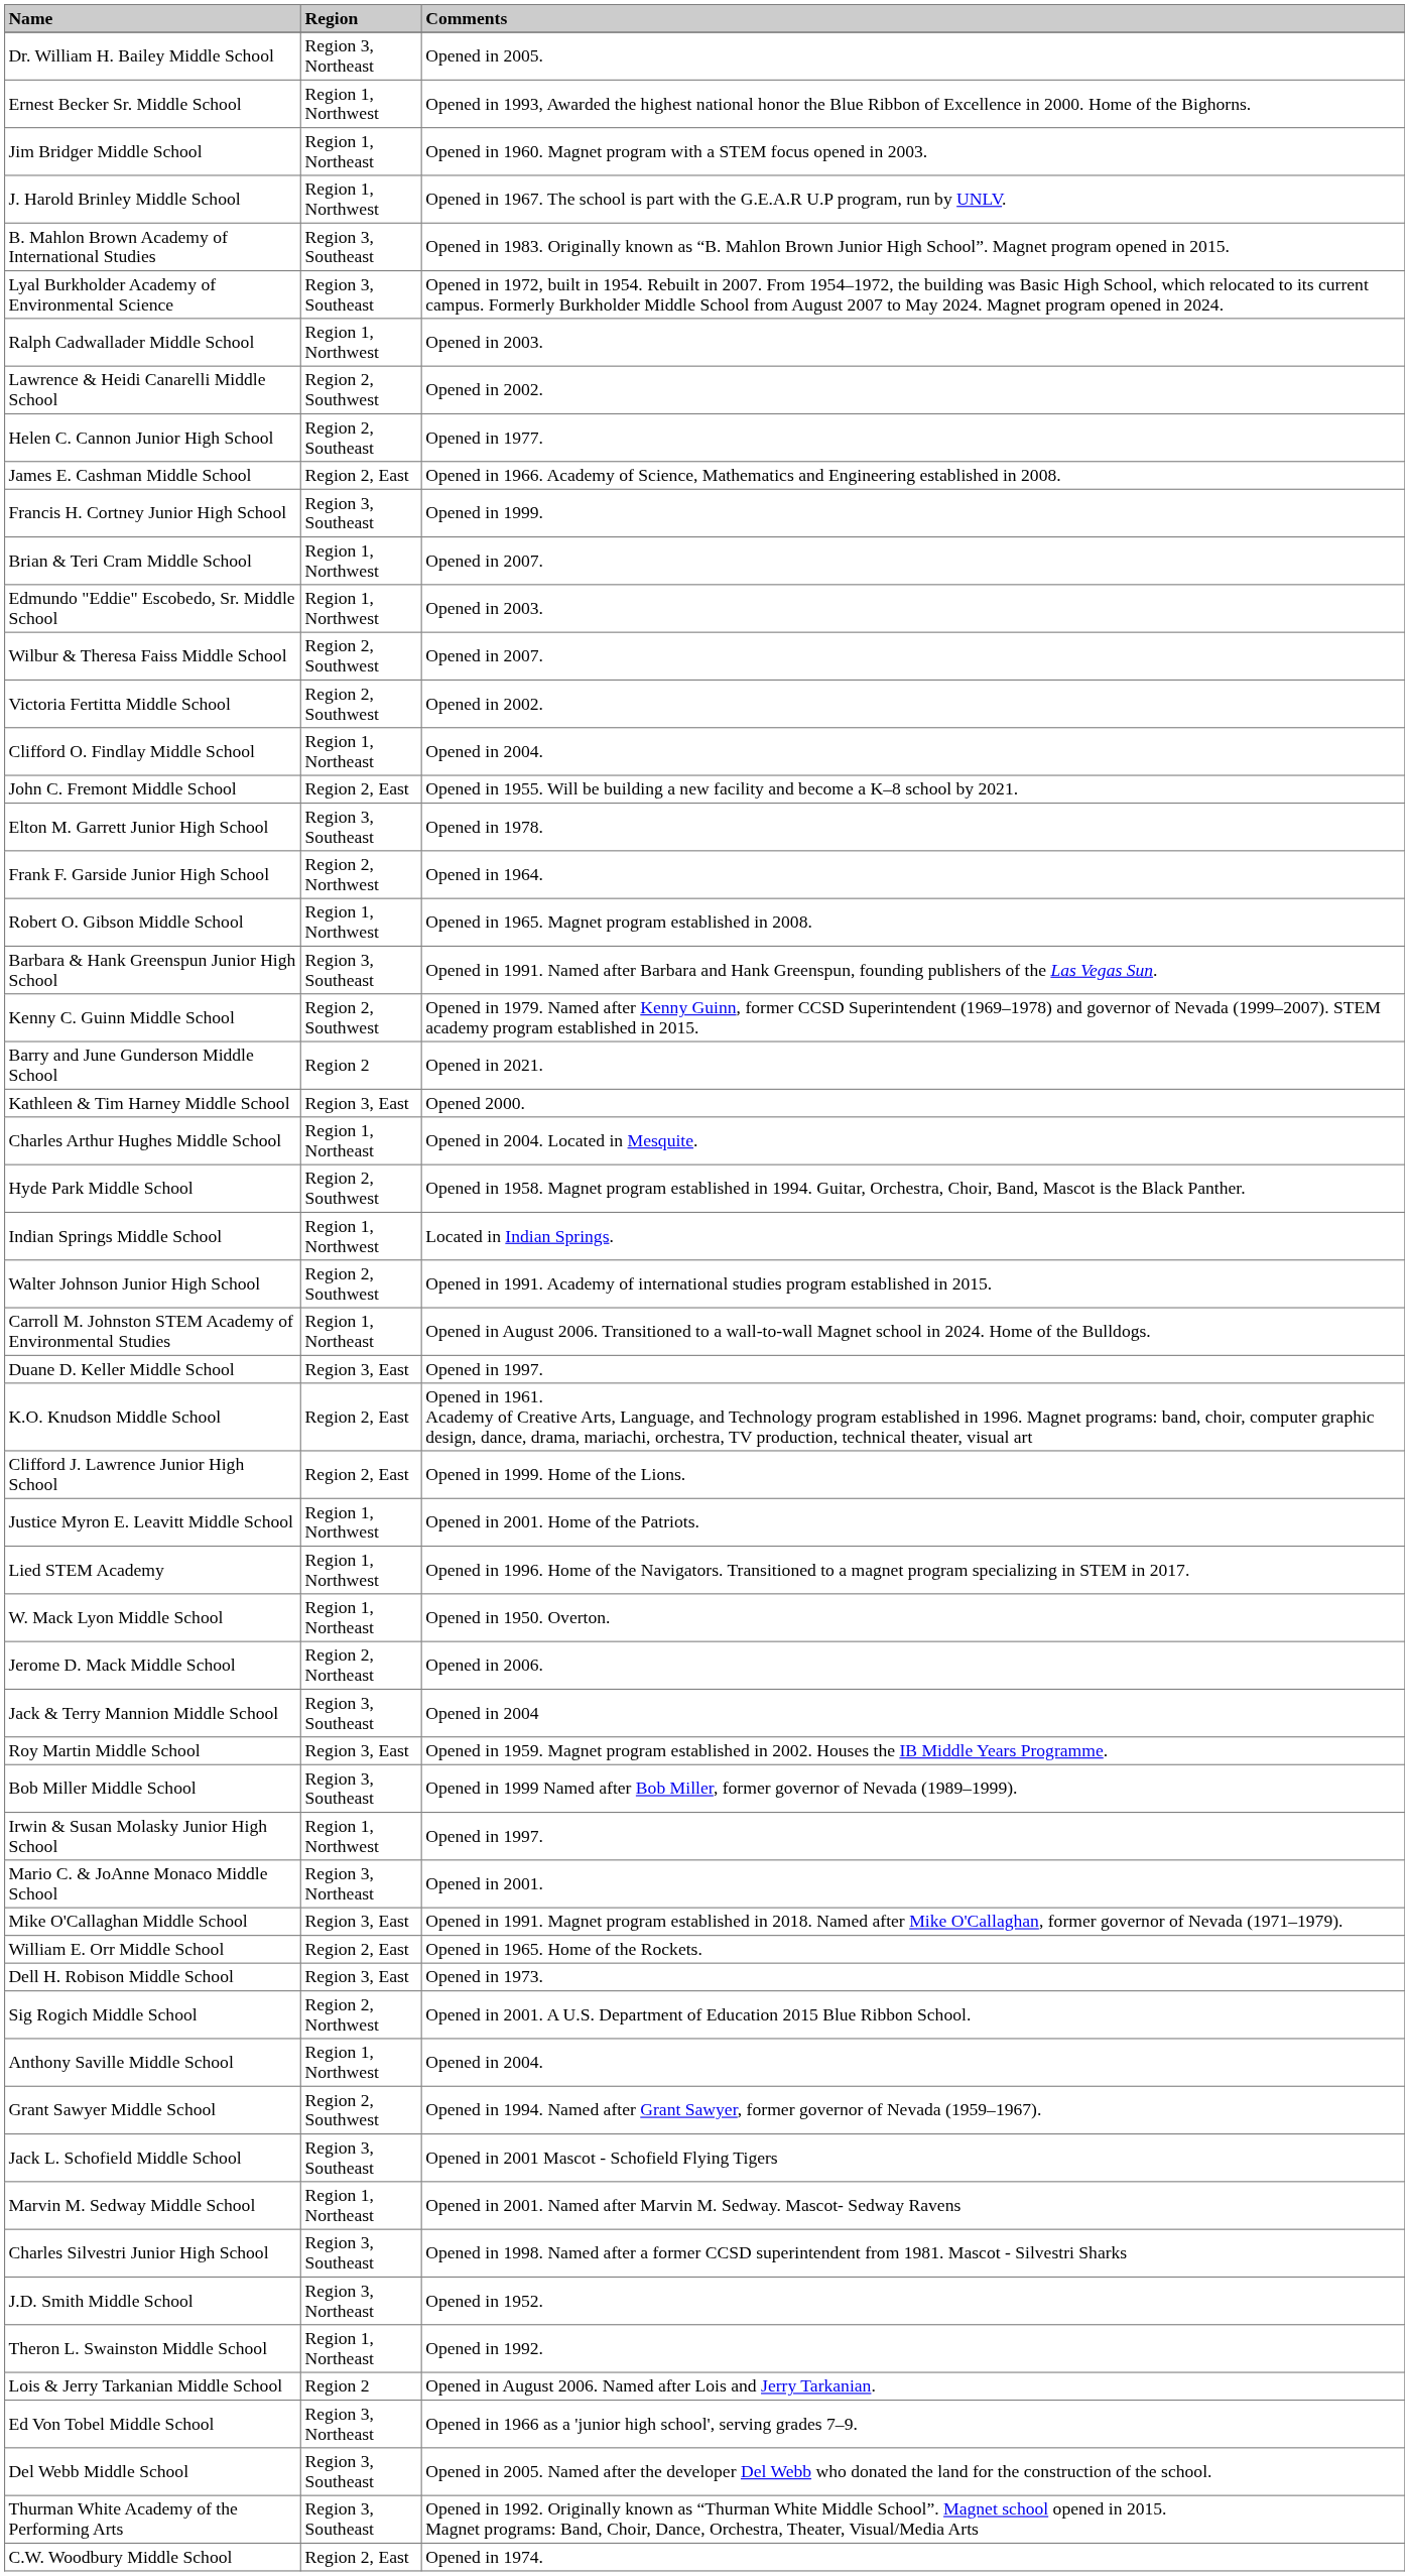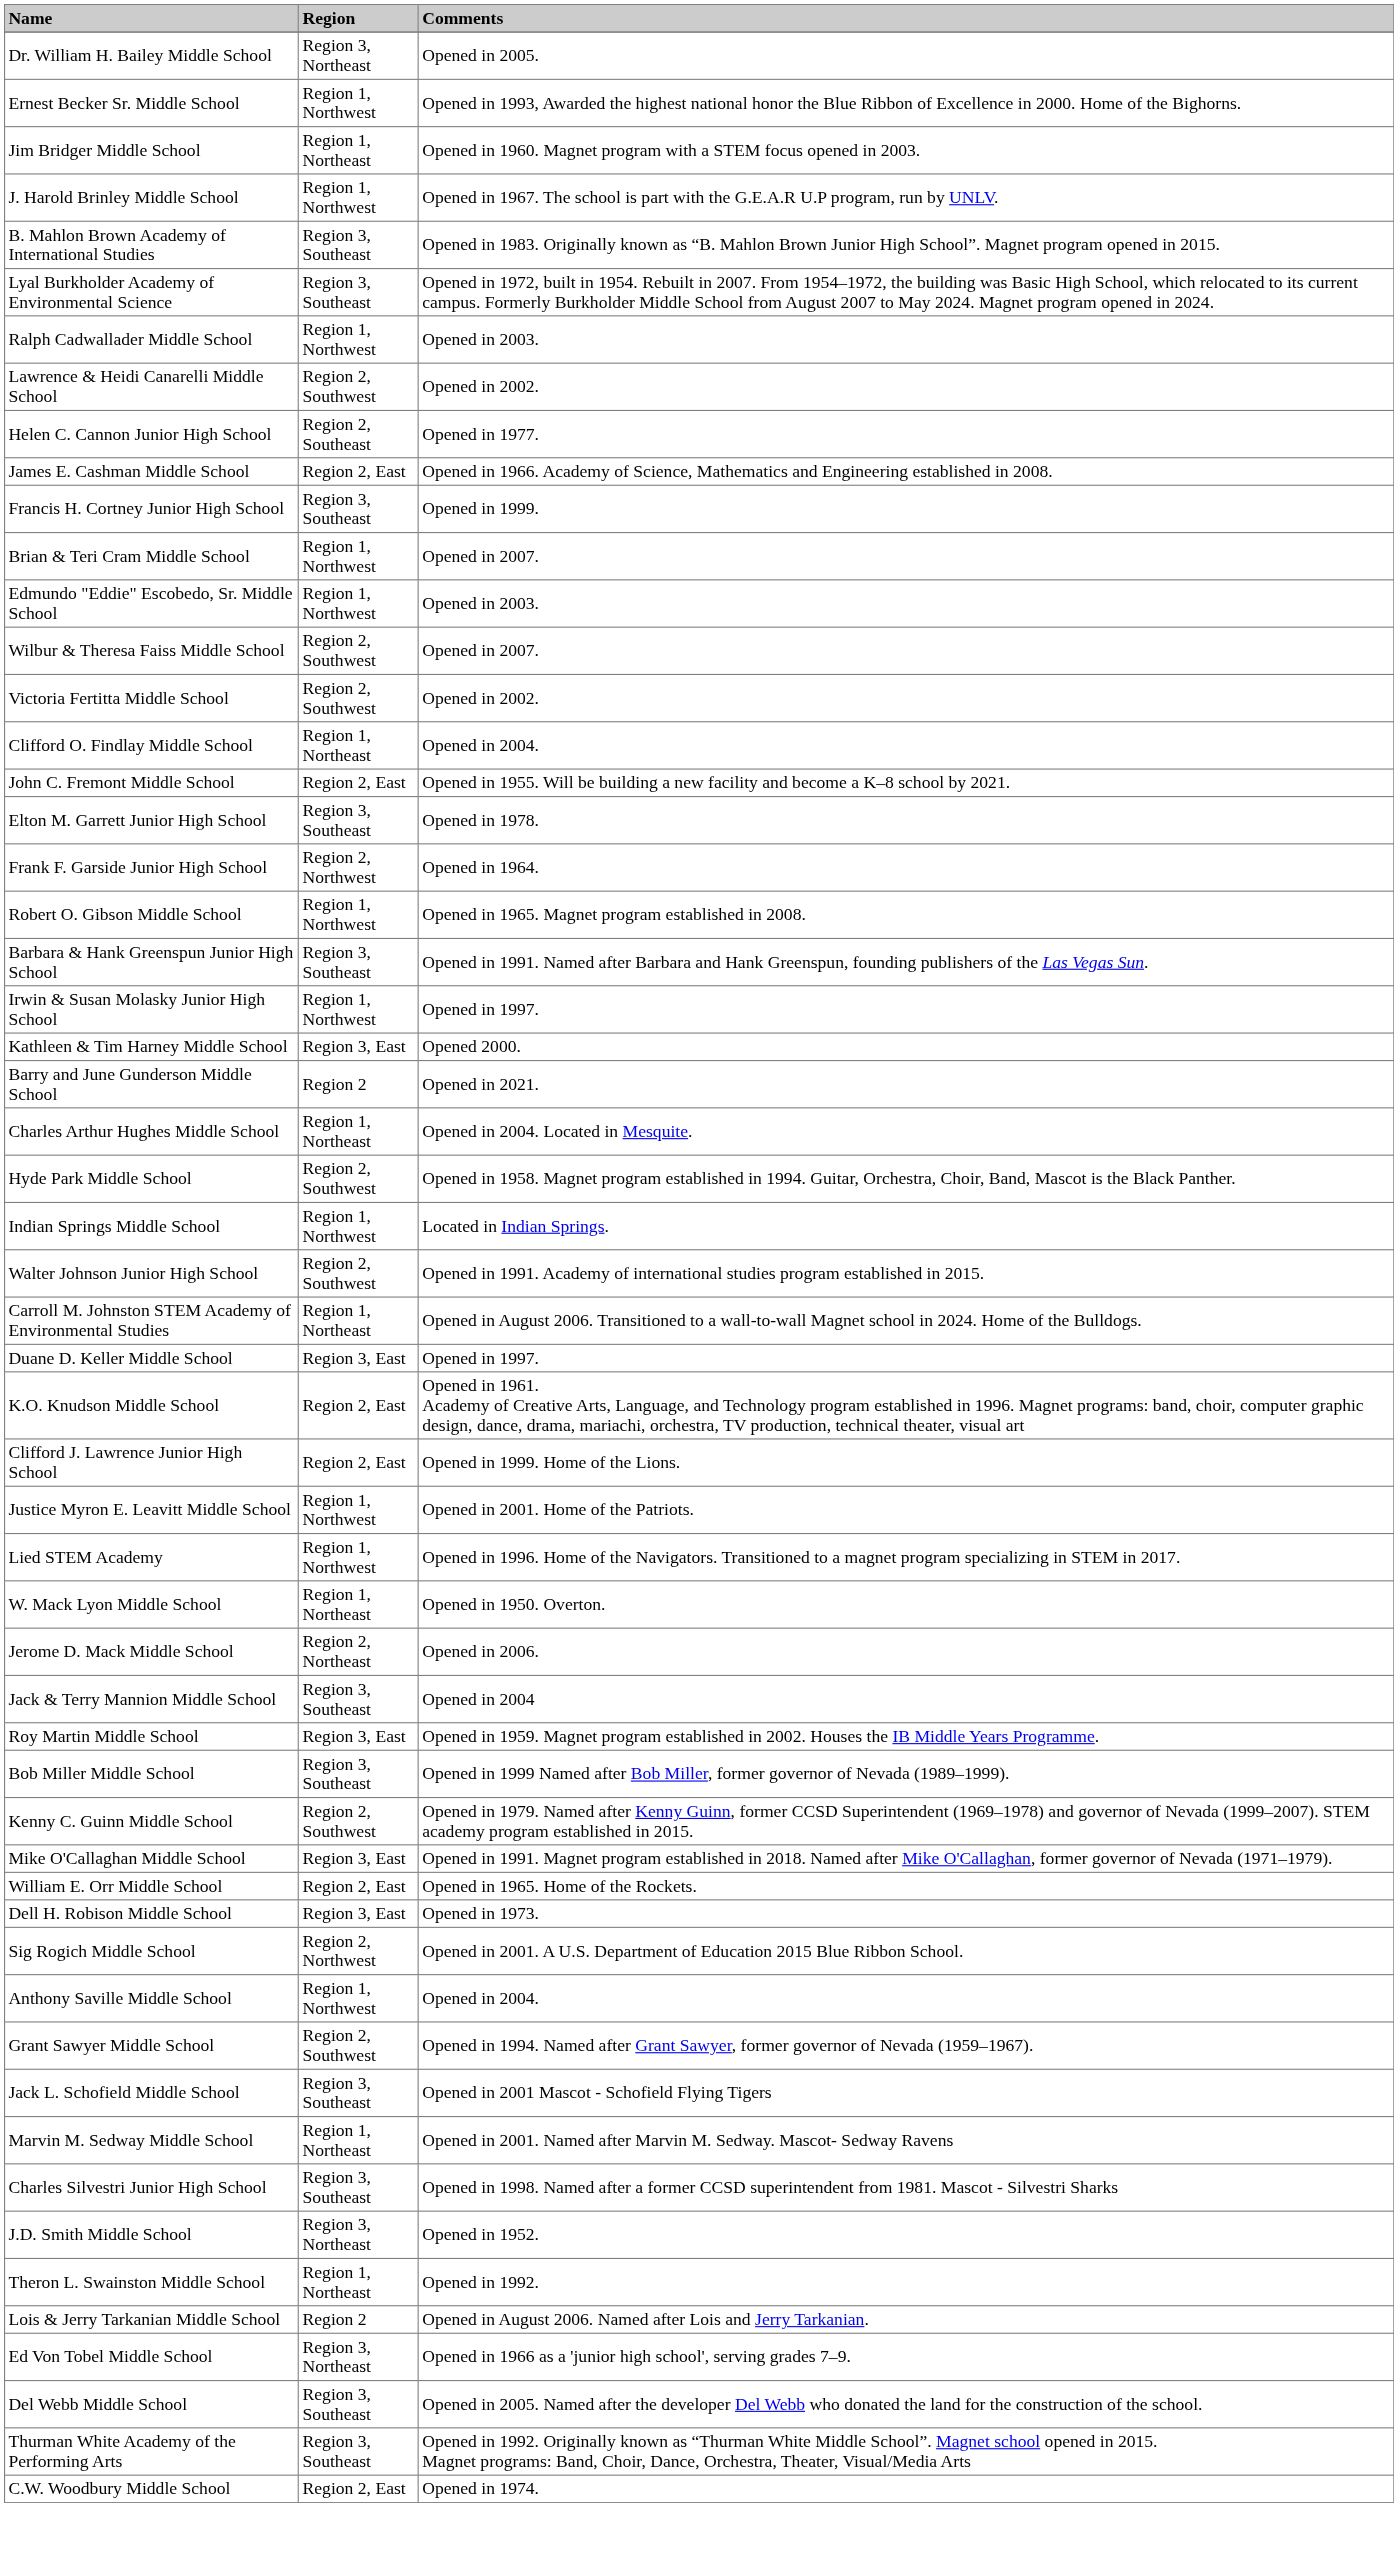 <table cellpadding="3" cellspacing="0" border="1" style="width:auto; border-collapse:collapse;">
 <tr style="background:#ccc;">
 <td><strong>Name</strong></td>
 <td><strong>Region</strong></td>
 <td><strong>Comments</strong></td>
 </tr>
 <tr>
 </tr>
 <tr>
 <td>Dr. William H. Bailey Middle School</td>
 <td>Region 3, Northeast</td>
 <td>Opened in 2005.</td>
 </tr>
 <tr>
 <td>Ernest Becker Sr. Middle School</td>
 <td>Region 1, Northwest</td>
 <td>Opened in 1993, Awarded the highest national honor the Blue Ribbon of Excellence in 2000. Home of the Bighorns.</td>
 </tr>
 <tr>
 <td>Jim Bridger Middle School</td>
 <td>Region 1, Northeast</td>
 <td>Opened in 1960. Magnet program with a STEM focus opened in 2003.</td>
 </tr>
 <tr>
 <td>J. Harold Brinley Middle School</td>
 <td>Region 1, Northwest</td>
 <td>Opened in 1967. The school is part with the G.E.A.R U.P program, run by <a href='#'>UNLV</a>.</td>
 </tr>
 <tr>
 <td>B. Mahlon Brown Academy of International Studies</td>
 <td>Region 3, Southeast</td>
 <td>Opened in 1983. Originally known as “B. Mahlon Brown Junior High School”. Magnet program opened in 2015.</td>
 </tr>
 <tr>
 <td>Lyal Burkholder Academy of Environmental Science</td>
 <td>Region 3, Southeast</td>
 <td>Opened in 1972, built in 1954. Rebuilt in 2007. From 1954–1972, the building was Basic High School, which relocated to its current campus. Formerly Burkholder Middle School from August 2007 to May 2024. Magnet program opened in 2024.</td>
 </tr>
 <tr>
 <td>Ralph Cadwallader Middle School</td>
 <td>Region 1, Northwest</td>
 <td>Opened in 2003.</td>
 </tr>
 <tr>
 <td>Lawrence & Heidi Canarelli Middle School</td>
 <td>Region 2, Southwest</td>
 <td>Opened in 2002.</td>
 </tr>
 <tr>
 <td>Helen C. Cannon Junior High School</td>
 <td>Region 2, Southeast</td>
 <td>Opened in 1977.</td>
 </tr>
 <tr>
 <td>James E. Cashman Middle School</td>
 <td>Region 2, East</td>
 <td>Opened in 1966. Academy of Science, Mathematics and Engineering established in 2008.</td>
 </tr>
 <tr>
 <td>Francis H. Cortney Junior High School</td>
 <td>Region 3, Southeast</td>
 <td>Opened in 1999.</td>
 </tr>
 <tr>
 <td>Brian & Teri Cram Middle School</td>
 <td>Region 1, Northwest</td>
 <td>Opened in 2007.</td>
 </tr>
 <tr>
 <td>Edmundo "Eddie" Escobedo, Sr. Middle School</td>
 <td>Region 1, Northwest</td>
 <td>Opened in 2003.</td>
 </tr>
 <tr>
 <td>Wilbur & Theresa Faiss Middle School</td>
 <td>Region 2, Southwest</td>
 <td>Opened in 2007.</td>
 </tr>
 <tr>
 <td>Victoria Fertitta Middle School</td>
 <td>Region 2, Southwest</td>
 <td>Opened in 2002.</td>
 </tr>
 <tr>
 <td>Clifford O. Findlay Middle School</td>
 <td>Region 1, Northeast</td>
 <td>Opened in 2004.</td>
 </tr>
 <tr>
 <td>John C. Fremont Middle School</td>
 <td>Region 2, East</td>
 <td>Opened in 1955. Will be building a new facility and become a K–8 school by 2021.</td>
 </tr>
 <tr>
 <td>Elton M. Garrett Junior High School</td>
 <td>Region 3, Southeast</td>
 <td>Opened in 1978.</td>
 </tr>
 <tr>
 <td>Frank F. Garside Junior High School</td>
 <td>Region 2, Northwest</td>
 <td>Opened in 1964.</td>
 </tr>
 <tr>
 <td>Robert O. Gibson Middle School</td>
 <td>Region 1, Northwest</td>
 <td>Opened in 1965. Magnet program established in 2008.</td>
 </tr>
 <tr>
 <td>Barbara & Hank Greenspun Junior High School</td>
 <td>Region 3, Southeast</td>
 <td>Opened in 1991. Named after Barbara and Hank Greenspun, founding publishers of the <em><a href='#'>Las Vegas Sun</a></em>.</td>
 </tr>
 <tr>
-<td>Kenny C. Guinn Middle School</td>
-<td>Region 2, Southwest</td>
-<td>Opened in 1979. Named after <a href='#'>Kenny Guinn</a>, former CCSD Superintendent (1969–1978) and governor of Nevada (1999–2007). STEM academy program established in 2015.</td>
+<td>Irwin & Susan Molasky Junior High School</td>
+<td>Region 1, Northwest</td>
+<td>Opened in 1997.</td>
+</tr>
+<tr>
+<td>Kathleen & Tim Harney Middle School</td>
+<td>Region 3, East</td>
+<td>Opened 2000.</td>
 </tr>
 <tr>
 <td>Barry and June Gunderson Middle School</td>
 <td>Region 2</td>
 <td>Opened in 2021.</td>
-</tr>
-<tr>
-<td>Kathleen & Tim Harney Middle School</td>
-<td>Region 3, East</td>
-<td>Opened 2000.</td>
 </tr>
 <tr>
 <td>Charles Arthur Hughes Middle School</td>
 <td>Region 1, Northeast</td>
 <td>Opened in 2004. Located in <a href='#'>Mesquite</a>.</td>
 </tr>
 <tr>
 <td>Hyde Park Middle School</td>
 <td>Region 2, Southwest</td>
 <td>Opened in 1958. Magnet program established in 1994. Guitar, Orchestra, Choir, Band, Mascot is the Black Panther.</td>
 </tr>
 <tr>
 <td>Indian Springs Middle School</td>
 <td>Region 1, Northwest</td>
 <td>Located in <a href='#'>Indian Springs</a>.</td>
 </tr>
 <tr>
 <td>Walter Johnson Junior High School</td>
 <td>Region 2, Southwest</td>
 <td>Opened in 1991. Academy of international studies program established in 2015.</td>
 </tr>
 <tr>
 <td>Carroll M. Johnston STEM Academy of Environmental Studies</td>
 <td>Region 1, Northeast</td>
 <td>Opened in August 2006. Transitioned to a wall-to-wall Magnet school in 2024. Home of the Bulldogs.</td>
 </tr>
 <tr>
 <td>Duane D. Keller Middle School</td>
 <td>Region 3, East</td>
 <td>Opened in 1997.</td>
 </tr>
 <tr>
 <td>K.O. Knudson Middle School</td>
 <td>Region 2, East</td>
 <td>Opened in 1961.<br>Academy of Creative Arts, Language, and Technology program established in 1996. Magnet programs: band, choir, computer graphic design, dance, drama, mariachi, orchestra, TV production, technical theater, visual art</td>
 </tr>
 <tr>
 <td>Clifford J. Lawrence Junior High School</td>
 <td>Region 2, East</td>
 <td>Opened in 1999. Home of the Lions.</td>
 </tr>
 <tr>
 <td>Justice Myron E. Leavitt Middle School</td>
 <td>Region 1, Northwest</td>
 <td>Opened in 2001. Home of the Patriots.</td>
 </tr>
 <tr>
 <td>Lied STEM Academy</td>
 <td>Region 1, Northwest</td>
 <td>Opened in 1996. Home of the Navigators. Transitioned to a magnet program specializing in STEM in 2017.</td>
 </tr>
 <tr>
 <td>W. Mack Lyon Middle School</td>
 <td>Region 1, Northeast</td>
 <td>Opened in 1950. Overton.</td>
 </tr>
 <tr>
 <td>Jerome D. Mack Middle School</td>
 <td>Region 2, Northeast</td>
 <td>Opened in 2006.</td>
 </tr>
 <tr>
 <td>Jack & Terry Mannion Middle School</td>
 <td>Region 3, Southeast</td>
 <td>Opened in 2004</td>
 </tr>
 <tr>
 <td>Roy Martin Middle School</td>
 <td>Region 3, East</td>
 <td>Opened in 1959. Magnet program established in 2002. Houses the <a href='#'>IB Middle Years Programme</a>.</td>
 </tr>
 <tr>
 <td>Bob Miller Middle School</td>
 <td>Region 3, Southeast</td>
 <td>Opened in 1999 Named after <a href='#'>Bob Miller</a>, former governor of Nevada (1989–1999).</td>
 </tr>
 <tr>
-<td>Irwin & Susan Molasky Junior High School</td>
-<td>Region 1, Northwest</td>
-<td>Opened in 1997.</td>
-</tr>
-<tr>
-<td>Mario C. & JoAnne Monaco Middle School</td>
-<td>Region 3, Northeast</td>
-<td>Opened in 2001.</td>
+<td>Kenny C. Guinn Middle School</td>
+<td>Region 2, Southwest</td>
+<td>Opened in 1979. Named after <a href='#'>Kenny Guinn</a>, former CCSD Superintendent (1969–1978) and governor of Nevada (1999–2007). STEM academy program established in 2015.</td>
 </tr>
 <tr>
 <td>Mike O'Callaghan Middle School</td>
 <td>Region 3, East</td>
 <td>Opened in 1991. Magnet program established in 2018. Named after <a href='#'>Mike O'Callaghan</a>, former governor of Nevada (1971–1979).</td>
 </tr>
 <tr>
 <td>William E. Orr Middle School</td>
 <td>Region 2, East</td>
 <td>Opened in 1965. Home of the Rockets.</td>
 </tr>
 <tr>
 <td>Dell H. Robison Middle School</td>
 <td>Region 3, East</td>
 <td>Opened in 1973.</td>
 </tr>
 <tr>
 <td>Sig Rogich Middle School</td>
 <td>Region 2, Northwest</td>
 <td>Opened in 2001. A U.S. Department of Education 2015 Blue Ribbon School.</td>
 </tr>
 <tr>
 <td>Anthony Saville Middle School</td>
 <td>Region 1, Northwest</td>
 <td>Opened in 2004.</td>
 </tr>
 <tr>
 <td>Grant Sawyer Middle School</td>
 <td>Region 2, Southwest</td>
 <td>Opened in 1994. Named after <a href='#'>Grant Sawyer</a>, former governor of Nevada (1959–1967).</td>
 </tr>
 <tr>
 <td>Jack L. Schofield Middle School</td>
 <td>Region 3, Southeast</td>
 <td>Opened in 2001 Mascot - Schofield Flying Tigers</td>
 </tr>
 <tr>
 <td>Marvin M. Sedway Middle School</td>
 <td>Region 1, Northeast</td>
 <td>Opened in 2001. Named after Marvin M. Sedway. Mascot- Sedway Ravens</td>
 </tr>
 <tr>
 <td>Charles Silvestri Junior High School</td>
 <td>Region 3, Southeast</td>
 <td>Opened in 1998. Named after a former CCSD superintendent from 1981. Mascot - Silvestri Sharks</td>
 </tr>
 <tr>
 <td>J.D. Smith Middle School</td>
 <td>Region 3, Northeast</td>
 <td>Opened in 1952.</td>
 </tr>
 <tr>
 <td>Theron L. Swainston Middle School</td>
 <td>Region 1, Northeast</td>
 <td>Opened in 1992.</td>
 </tr>
 <tr>
 <td>Lois & Jerry Tarkanian Middle School</td>
 <td>Region 2</td>
 <td>Opened in August 2006. Named after Lois and <a href='#'>Jerry Tarkanian</a>.</td>
 </tr>
 <tr>
 <td>Ed Von Tobel Middle School</td>
 <td>Region 3, Northeast</td>
 <td>Opened in 1966 as a 'junior high school', serving grades 7–9.</td>
 </tr>
 <tr>
 <td>Del Webb Middle School</td>
 <td>Region 3, Southeast</td>
 <td>Opened in 2005. Named after the developer <a href='#'>Del Webb</a> who donated the land for the construction of the school.</td>
 </tr>
 <tr>
 <td>Thurman White Academy of the Performing Arts</td>
 <td>Region 3, Southeast</td>
 <td>Opened in 1992. Originally known as “Thurman White Middle School”. <a href='#'>Magnet school</a>  opened in 2015.<br>Magnet programs: Band, Choir, Dance, Orchestra, Theater, Visual/Media Arts</td>
 </tr>
 <tr>
 <td>C.W. Woodbury Middle School</td>
 <td>Region 2, East</td>
 <td>Opened in 1974.</td>
 </tr>
 </table>
